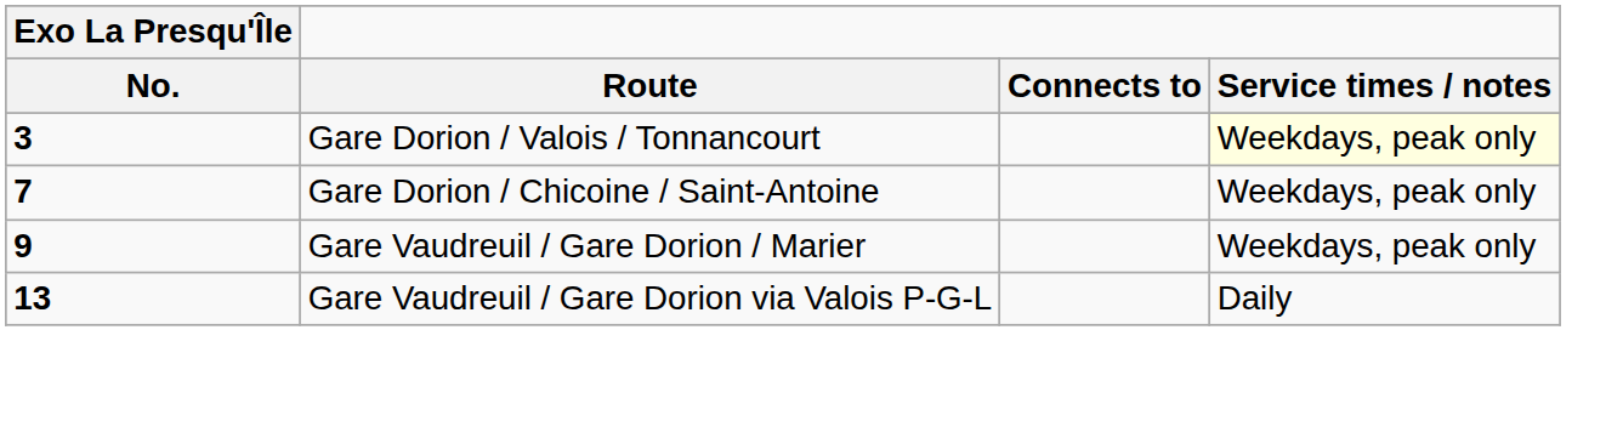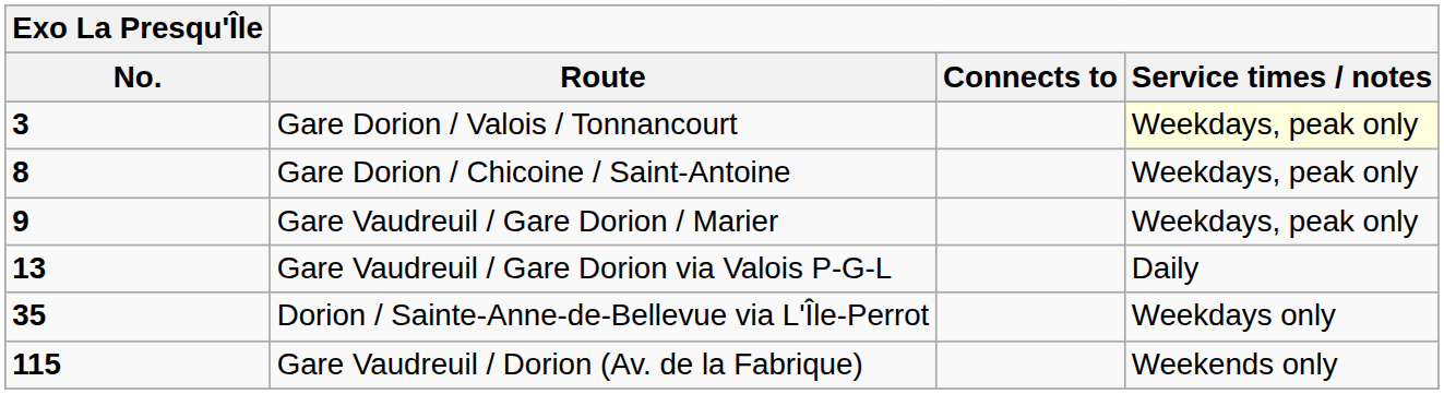 <table align=center class="wikitable">
 <tr>
 <th style="background: #">Exo La Presqu'Île</th>
 </tr>
 <tr>
 <th>No.</th>
 <th>Route</th>
 <th>Connects to</th>
 <th>Service times / notes</th>
 </tr>
 <tr>
 <td {{border> <strong>3</strong></td>
 <td>Gare Dorion / Valois / Tonnancourt</td>
 <td></td>
 <td style="background: lightyellow;">Weekdays, peak only</td>
 </tr>
 <tr>
-<td {{border> <strong>7</strong></td>
+<td {{border> <strong>8</strong></td>
 <td>Gare Dorion / Chicoine / Saint-Antoine</td>
 <td></td>
 <td>Weekdays, peak only</td>
 </tr>
 <tr>
 <td {{border> <strong>9</strong></td>
 <td>Gare Vaudreuil / Gare Dorion / Marier</td>
 <td></td>
 <td>Weekdays, peak only</td>
 </tr>
 <tr>
 <td {{border> <strong>13</strong></td>
 <td>Gare Vaudreuil / Gare Dorion via Valois P-G-L</td>
 <td></td>
 <td>Daily</td>
 </tr>
+<tr>
+<td {{border> <strong>35</strong></td>
+<td>Dorion / Sainte-Anne-de-Bellevue via L'Île-Perrot</td>
+<td></td>
+<td>Weekdays only</td>
+</tr>
+<tr>
+<td {{border> <strong>115</strong></td>
+<td>Gare Vaudreuil / Dorion (Av. de la Fabrique)</td>
+<td> </td>
+<td>Weekends only</td>
+</tr>
 </table>
